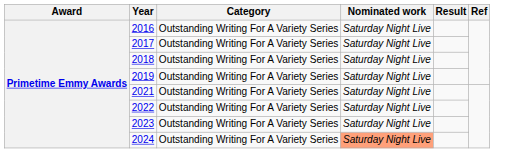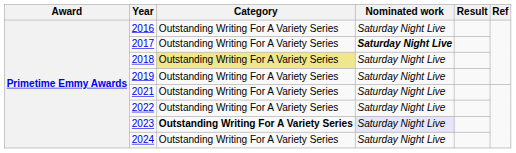 <table class="wikitable plainrowheaders sortable">
 <tr>
 <th scope="col">Award</th>
 <th scope="col">Year</th>
 <th scope="col">Category</th>
 <th scope="col">Nominated work</th>
 <th scope="col">Result</th>
 <th scope="col">Ref</th>
 </tr>
 <tr>
 <th rowspan="8"><a href='#'>Primetime Emmy Awards</a></th>
 <td><a href='#'>2016</a></td>
 <td>Outstanding Writing For A Variety Series</td>
 <td><em>Saturday Night Live</em></td>
 <td></td>
 <td rowspan="4" style="text-align:center;"></td>
 </tr>
 <tr>
 <td><a href='#'>2017</a></td>
 <td>Outstanding Writing For A Variety Series</td>
-<td><em>Saturday Night Live</em></td>
+<td><strong><em>Saturday Night Live</em></strong></td>
 <td></td>
 </tr>
 <tr>
 <td><a href='#'>2018</a></td>
-<td>Outstanding Writing For A Variety Series</td>
+<td style="background: khaki;">Outstanding Writing For A Variety Series</td>
 <td><em>Saturday Night Live</em></td>
 <td></td>
 </tr>
 <tr>
 <td><a href='#'>2019</a></td>
 <td>Outstanding Writing For A Variety Series</td>
 <td><em>Saturday Night Live</em></td>
 <td></td>
 </tr>
 <tr>
 <td><a href='#'>2021</a></td>
 <td>Outstanding Writing For A Variety Series</td>
 <td><em>Saturday Night Live</em></td>
 <td></td>
 <td rowspan="4" style="text-align:center;"></td>
 </tr>
 <tr>
 <td><a href='#'>2022</a></td>
 <td>Outstanding Writing For A Variety Series</td>
 <td><em>Saturday Night Live</em></td>
 <td></td>
 </tr>
 <tr>
 <td><a href='#'>2023</a></td>
-<td>Outstanding Writing For A Variety Series</td>
-<td><em>Saturday Night Live</em></td>
+<td><strong>Outstanding Writing For A Variety Series</strong></td>
+<td style="background: lavender;"><em>Saturday Night Live</em></td>
 <td></td>
 </tr>
 <tr>
 <td><a href='#'>2024</a></td>
 <td>Outstanding Writing For A Variety Series</td>
-<td style="background: lightsalmon;"><em>Saturday Night Live</em></td>
+<td><em>Saturday Night Live</em></td>
 <td></td>
 </tr>
 </table>
